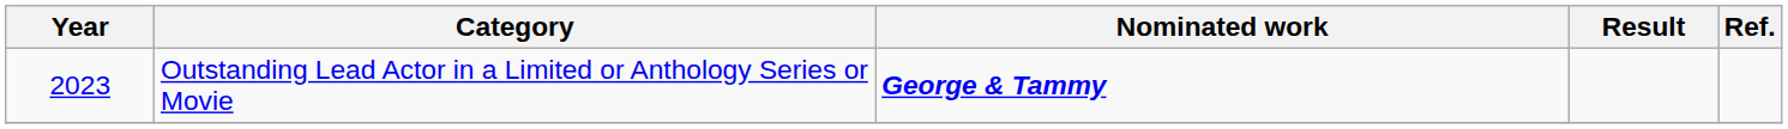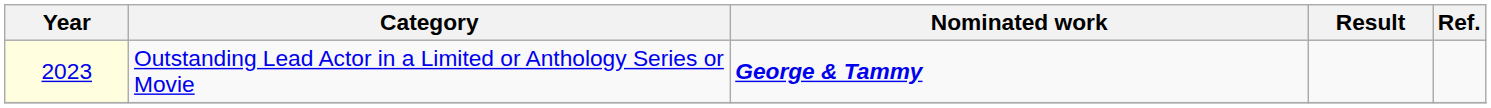 <table class=wikitable>
 <tr>
 <th scope="col" style="width:5em;">Year</th>
 <th scope="col" style="width:26em;">Category</th>
 <th scope="col" style="width:25em;">Nominated work</th>
 <th scope="col" style="width:5em;">Result</th>
 <th>Ref.</th>
 </tr>
 <tr>
-<td style="text-align:center;"><a href='#'>2023</a></td>
+<td style="background: lightyellow; text-align:center;"><a href='#'>2023</a></td>
 <td><a href='#'>Outstanding Lead Actor in a Limited or Anthology Series or Movie</a></td>
 <td><strong><em><a href='#'>George & Tammy</a></em></strong></td>
 <td></td>
 <td></td>
 </tr>
 <tr>
 </tr>
 </table>
